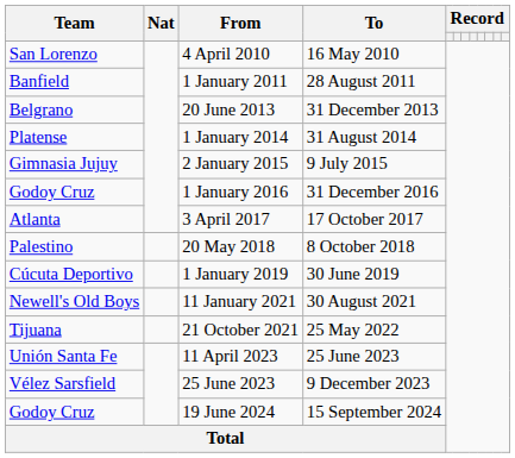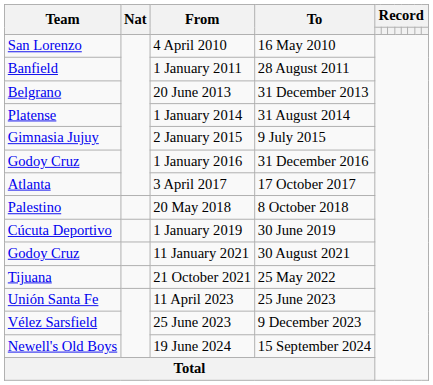 <table class="wikitable" style="text-align: center">
 <tr>
 <th rowspan="2">Team</th>
 <th rowspan="2">Nat</th>
 <th rowspan="2">From</th>
 <th rowspan="2">To</th>
 <th colspan="8">Record</th>
 </tr>
 <tr>
 <th></th>
 <th></th>
 <th></th>
 <th></th>
 <th></th>
 <th></th>
 <th></th>
 <th></th>
 </tr>
 <tr>
 <td align=left><a href='#'>San Lorenzo</a></td>
 <td rowspan="7"></td>
 <td align=left>4 April 2010</td>
 <td align=left>16 May 2010<br></td>
 </tr>
 <tr>
 <td align=left><a href='#'>Banfield</a></td>
 <td align=left>1 January 2011</td>
 <td align=left>28 August 2011<br></td>
 </tr>
 <tr>
 <td align=left><a href='#'>Belgrano</a></td>
 <td align=left>20 June 2013</td>
 <td align=left>31 December 2013<br></td>
 </tr>
 <tr>
 <td align=left><a href='#'>Platense</a></td>
 <td align=left>1 January 2014</td>
 <td align=left>31 August 2014<br></td>
 </tr>
 <tr>
 <td align=left><a href='#'>Gimnasia Jujuy</a></td>
 <td align=left>2 January 2015</td>
 <td align=left>9 July 2015<br></td>
 </tr>
 <tr>
 <td align=left><a href='#'>Godoy Cruz</a></td>
 <td align=left>1 January 2016</td>
 <td align=left>31 December 2016<br></td>
 </tr>
 <tr>
 <td align=left><a href='#'>Atlanta</a></td>
 <td align=left>3 April 2017</td>
 <td align=left>17 October 2017<br></td>
 </tr>
 <tr>
 <td align=left><a href='#'>Palestino</a></td>
 <td></td>
 <td align=left>20 May 2018</td>
 <td align=left>8 October 2018<br></td>
 </tr>
 <tr>
 <td align=left><a href='#'>Cúcuta Deportivo</a></td>
 <td></td>
 <td align=left>1 January 2019</td>
 <td align=left>30 June 2019<br></td>
 </tr>
 <tr>
-<td align=left><a href='#'>Newell's Old Boys</a></td>
+<td align=left><a href='#'>Godoy Cruz</a></td>
 <td></td>
 <td align=left>11 January 2021</td>
 <td align=left>30 August 2021<br></td>
 </tr>
 <tr>
 <td align=left><a href='#'>Tijuana</a></td>
 <td></td>
 <td align=left>21 October 2021</td>
 <td align=left>25 May 2022<br></td>
 </tr>
 <tr>
 <td align=left><a href='#'>Unión Santa Fe</a></td>
 <td rowspan="3"></td>
 <td align=left>11 April 2023</td>
 <td align=left>25 June 2023<br></td>
 </tr>
 <tr>
 <td align=left><a href='#'>Vélez Sarsfield</a></td>
 <td align=left>25 June 2023</td>
 <td align=left>9 December 2023<br></td>
 </tr>
 <tr>
-<td align=left><a href='#'>Godoy Cruz</a></td>
+<td align=left><a href='#'>Newell's Old Boys</a></td>
 <td align=left>19 June 2024</td>
 <td align=left>15 September 2024<br></td>
 </tr>
 <tr>
 <th colspan="4">Total<br></th>
 </tr>
 </table>
